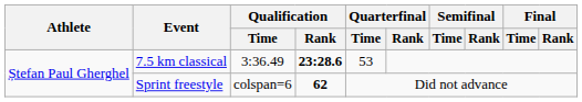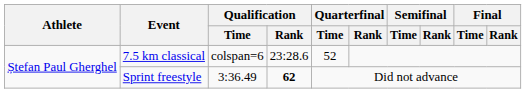 <table class="wikitable" style="font-size:90%">
 <tr>
 <th rowspan="2">Athlete</th>
 <th rowspan="2">Event</th>
 <th colspan="2">Qualification</th>
 <th colspan="2">Quarterfinal</th>
 <th colspan="2">Semifinal</th>
 <th colspan="2">Final</th>
 </tr>
 <tr style="font-size:95%">
 <th>Time</th>
 <th>Rank</th>
 <th>Time</th>
 <th>Rank</th>
 <th>Time</th>
 <th>Rank</th>
 <th>Time</th>
 <th>Rank</th>
 </tr>
 <tr align=center>
 <td align=left rowspan=2><a href='#'>Ștefan Paul Gherghel</a></td>
 <td align=left><a href='#'>7.5 km classical</a></td>
-<td>3:36.49</td>
-<td><strong>23:28.6</strong></td>
-<td>53</td>
+<td>colspan=6</td>
+<td>23:28.6</td>
+<td>52</td>
 </tr>
 <tr align=center>
 <td align=left><a href='#'>Sprint freestyle</a></td>
-<td>colspan=6</td>
+<td>3:36.49</td>
 <td><strong>62</strong></td>
 <td colspan=6>Did not advance</td>
 </tr>
 </table>
